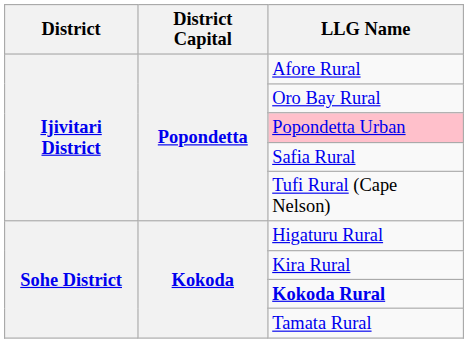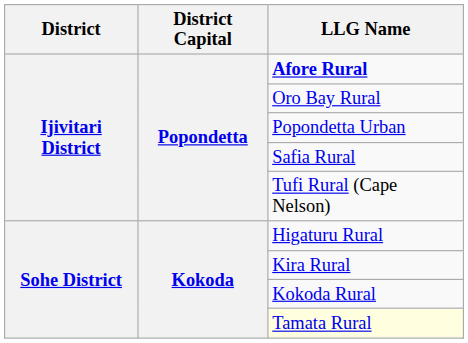 <table class="wikitable" style="text-align: left;" width="400">
 <tr>
 <th>District</th>
 <th>District Capital</th>
 <th>LLG Name</th>
 </tr>
 <tr>
 <th rowspan="5"><a href='#'>Ijivitari District</a></th>
 <th rowspan="5"><a href='#'>Popondetta</a></th>
-<td><a href='#'>Afore Rural</a></td>
+<td><strong><a href='#'>Afore Rural</a></strong></td>
 </tr>
 <tr>
 <td><a href='#'>Oro Bay Rural</a></td>
 </tr>
 <tr>
-<td style="background: pink;"><a href='#'>Popondetta Urban</a></td>
+<td><a href='#'>Popondetta Urban</a></td>
 </tr>
 <tr>
 <td><a href='#'>Safia Rural</a></td>
 </tr>
 <tr>
 <td><a href='#'>Tufi Rural</a> (Cape Nelson)</td>
 </tr>
 <tr>
 <th rowspan="4"><a href='#'>Sohe District</a></th>
 <th rowspan="4"><a href='#'>Kokoda</a></th>
 <td><a href='#'>Higaturu Rural</a></td>
 </tr>
 <tr>
 <td><a href='#'>Kira Rural</a></td>
 </tr>
 <tr>
-<td><strong><a href='#'>Kokoda Rural</a></strong></td>
+<td><a href='#'>Kokoda Rural</a></td>
 </tr>
 <tr>
-<td><a href='#'>Tamata Rural</a></td>
+<td style="background: lightyellow;"><a href='#'>Tamata Rural</a></td>
 </tr>
 </table>
